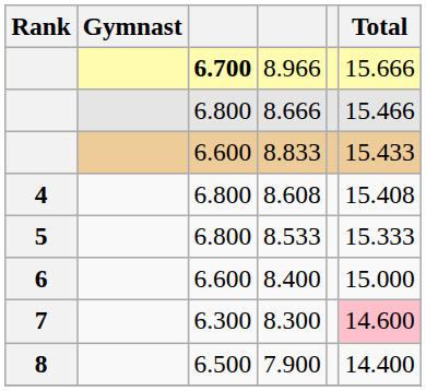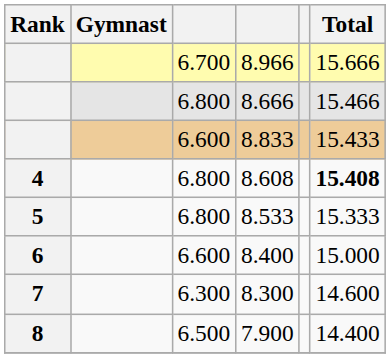 <table class="wikitable sortable" style="text-align:center; font-size:95%">
 <tr>
 <th scope=col>Rank</th>
 <th scope=col>Gymnast</th>
 <th scope=col></th>
 <th scope=col></th>
 <th scope=col></th>
 <th scope=col>Total</th>
 </tr>
 <tr bgcolor=fffcaf>
 <th scope=row></th>
 <td align=left></td>
-<td><strong>6.700</strong></td>
+<td>6.700</td>
 <td>8.966</td>
 <td></td>
 <td>15.666</td>
 </tr>
 <tr bgcolor=e5e5e5>
 <th scope=row></th>
 <td align=left></td>
 <td>6.800</td>
 <td>8.666</td>
 <td></td>
 <td>15.466</td>
 </tr>
 <tr bgcolor=eecc99>
 <th scope=row></th>
 <td align=left></td>
 <td>6.600</td>
 <td>8.833</td>
 <td></td>
 <td>15.433</td>
 </tr>
 <tr>
 <th scope=row>4</th>
 <td align=left></td>
 <td>6.800</td>
 <td>8.608</td>
 <td></td>
-<td>15.408</td>
+<td><strong>15.408</strong></td>
 </tr>
 <tr>
 <th scope=row>5</th>
 <td align=left></td>
 <td>6.800</td>
 <td>8.533</td>
 <td></td>
 <td>15.333</td>
 </tr>
 <tr>
 <th scope=row>6</th>
 <td align=left></td>
 <td>6.600</td>
 <td>8.400</td>
 <td></td>
 <td>15.000</td>
 </tr>
 <tr>
 <th scope=row>7</th>
 <td align=left></td>
 <td>6.300</td>
 <td>8.300</td>
 <td></td>
-<td style="background: pink;">14.600</td>
+<td>14.600</td>
 </tr>
 <tr>
 <th scope=row>8</th>
 <td align=left></td>
 <td>6.500</td>
 <td>7.900</td>
 <td></td>
 <td>14.400</td>
 </tr>
 <tr>
 </tr>
 </table>
